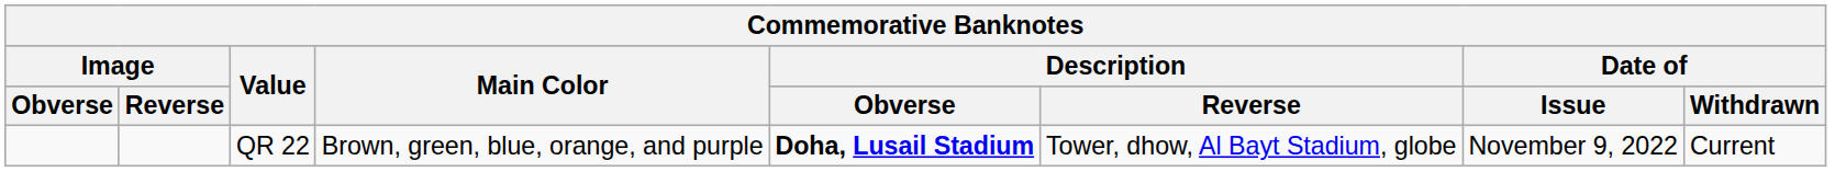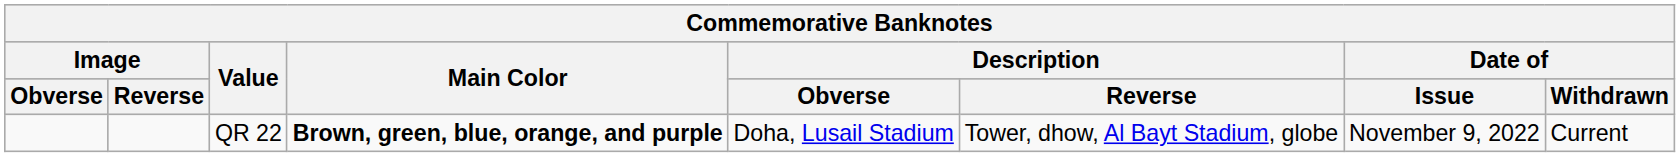 <table class="wikitable" style="font-size: 90%">
 <tr>
 <th colspan=8>Commemorative Banknotes</th>
 </tr>
 <tr>
 <th colspan=2>Image</th>
 <th rowspan=2>Value</th>
 <th rowspan=2>Main Color</th>
 <th colspan=2>Description</th>
 <th colspan=2>Date of</th>
 </tr>
 <tr>
 <th>Obverse</th>
 <th>Reverse</th>
 <th>Obverse</th>
 <th>Reverse</th>
 <th>Issue</th>
 <th>Withdrawn</th>
 </tr>
 <tr>
 <td></td>
 <td></td>
 <td>QR 22</td>
-<td>Brown, green, blue, orange, and purple</td>
-<td><strong>Doha, <a href='#'>Lusail Stadium</a></strong></td>
+<td><strong>Brown, green, blue, orange, and purple</strong></td>
+<td>Doha, <a href='#'>Lusail Stadium</a></td>
 <td>Tower, dhow, <a href='#'>Al Bayt Stadium</a>, globe</td>
 <td>November 9, 2022</td>
 <td>Current</td>
 </tr>
 </table>
